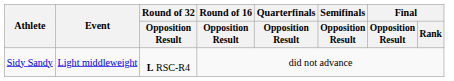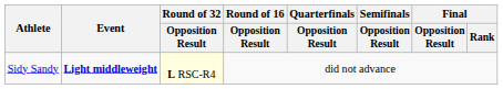 <table class="wikitable" style="font-size:90%">
 <tr>
 <th rowspan="2">Athlete</th>
 <th rowspan="2">Event</th>
 <th>Round of 32</th>
 <th>Round of 16</th>
 <th>Quarterfinals</th>
 <th>Semifinals</th>
 <th colspan=2>Final</th>
 </tr>
 <tr style="font-size:95%">
 <th>Opposition<br>Result</th>
 <th>Opposition<br>Result</th>
 <th>Opposition<br>Result</th>
 <th>Opposition<br>Result</th>
 <th>Opposition<br>Result</th>
 <th>Rank</th>
 </tr>
 <tr align=center>
 <td align=left><a href='#'>Sidy Sandy</a></td>
-<td align=left><a href='#'>Light middleweight</a></td>
-<td><br><strong>L</strong> RSC-R4</td>
+<td align=left><strong><a href='#'>Light middleweight</a></strong></td>
+<td style="background: lightyellow;"><br><strong>L</strong> RSC-R4</td>
 <td colspan=5>did not advance</td>
 </tr>
 </table>
